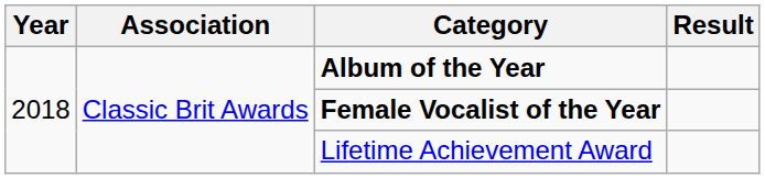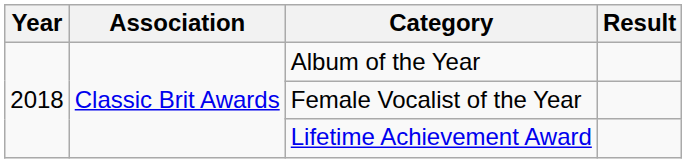 <table class="wikitable">
 <tr>
 <th>Year</th>
 <th>Association</th>
 <th>Category</th>
 <th>Result</th>
 </tr>
 <tr>
 <td rowspan=3>2018</td>
 <td rowspan=3><a href='#'>Classic Brit Awards</a></td>
-<td><strong>Album of the Year</strong></td>
+<td>Album of the Year</td>
 <td></td>
 </tr>
 <tr>
-<td><strong>Female Vocalist of the Year</strong></td>
+<td>Female Vocalist of the Year</td>
 <td></td>
 </tr>
 <tr>
 <td><a href='#'>Lifetime Achievement Award</a></td>
 <td></td>
 </tr>
 </table>
